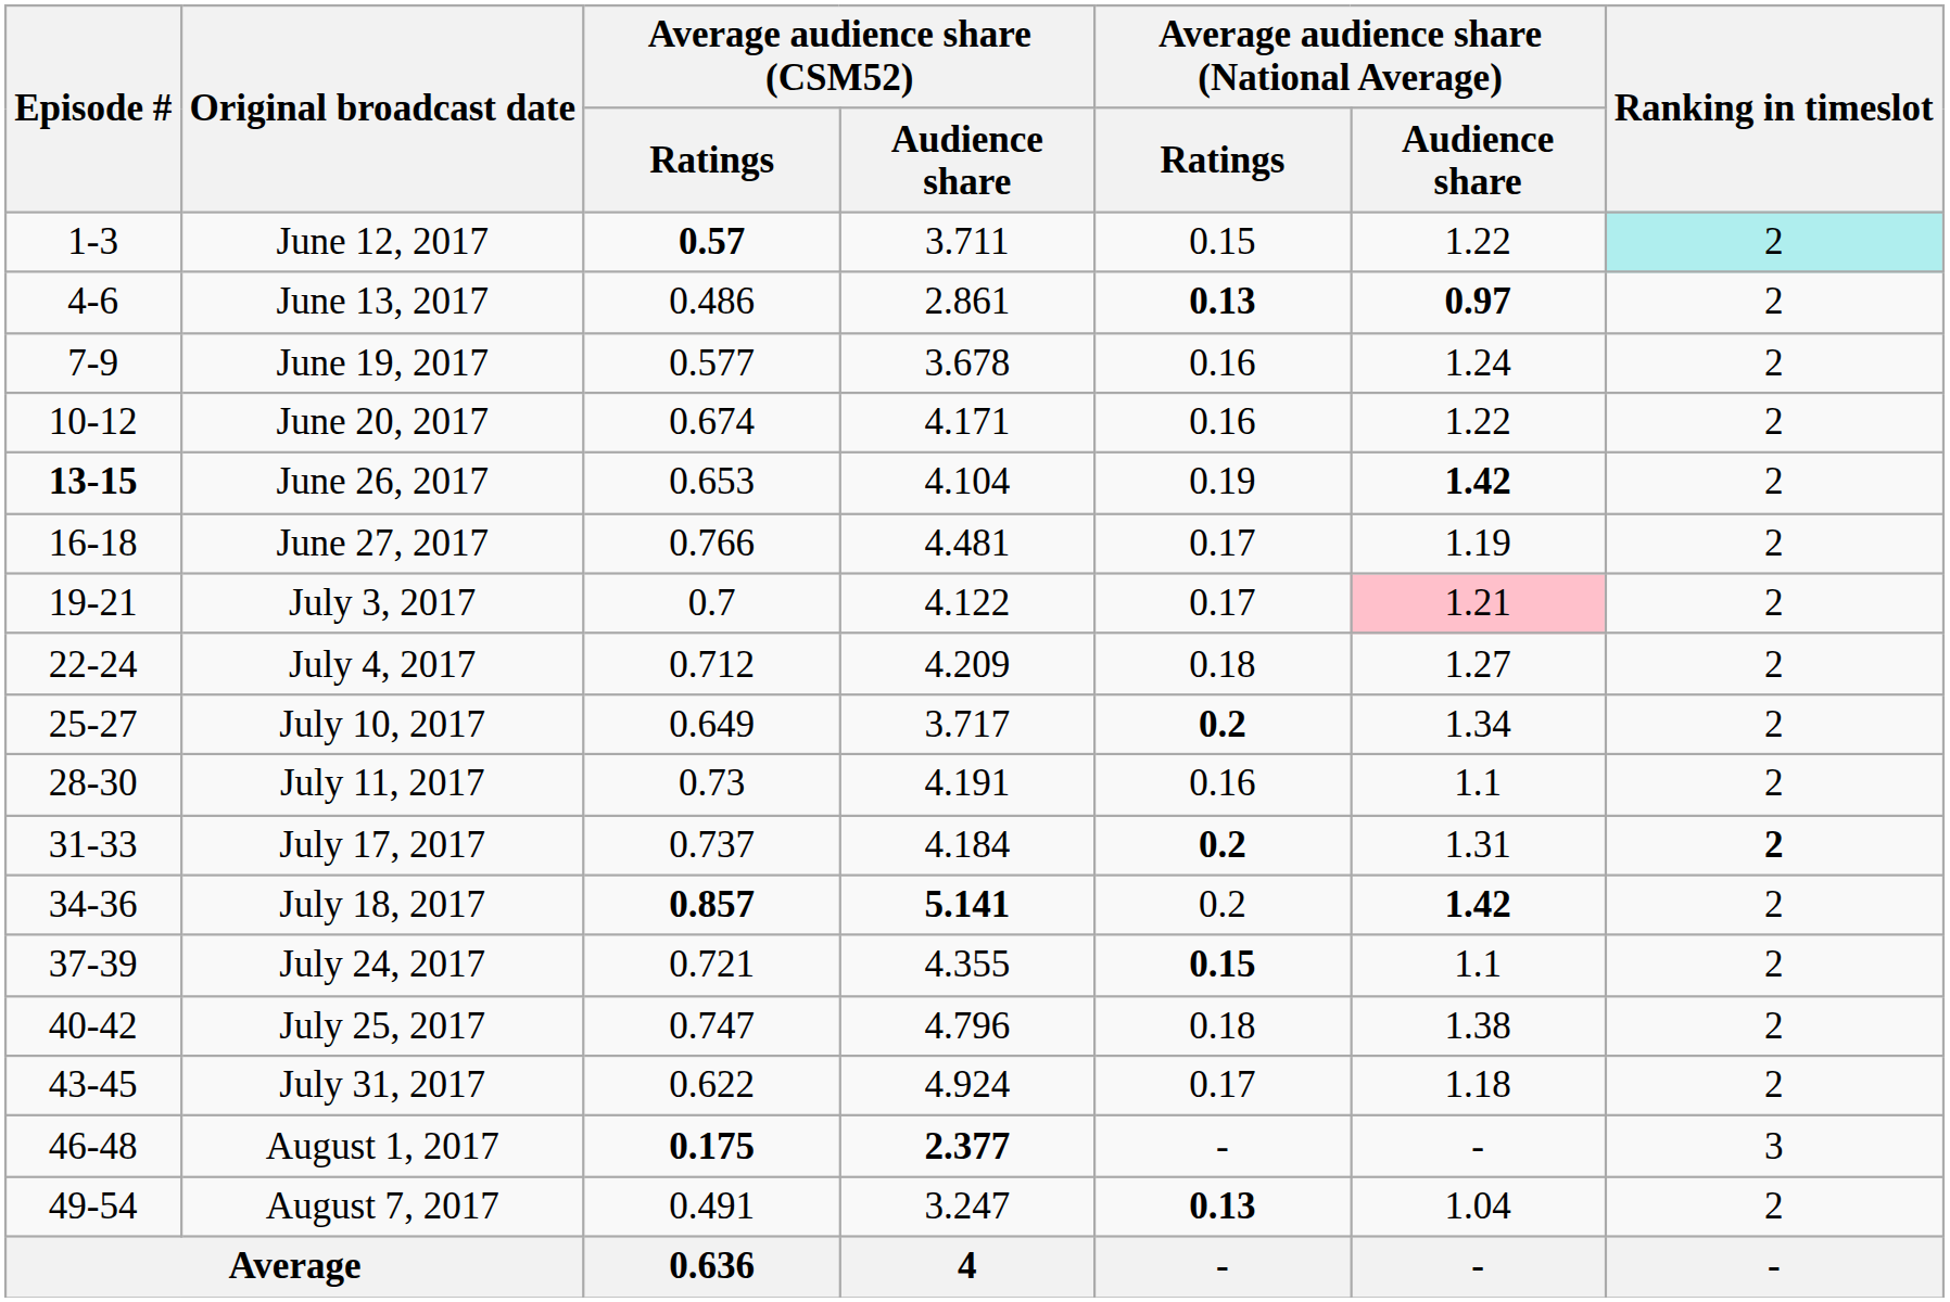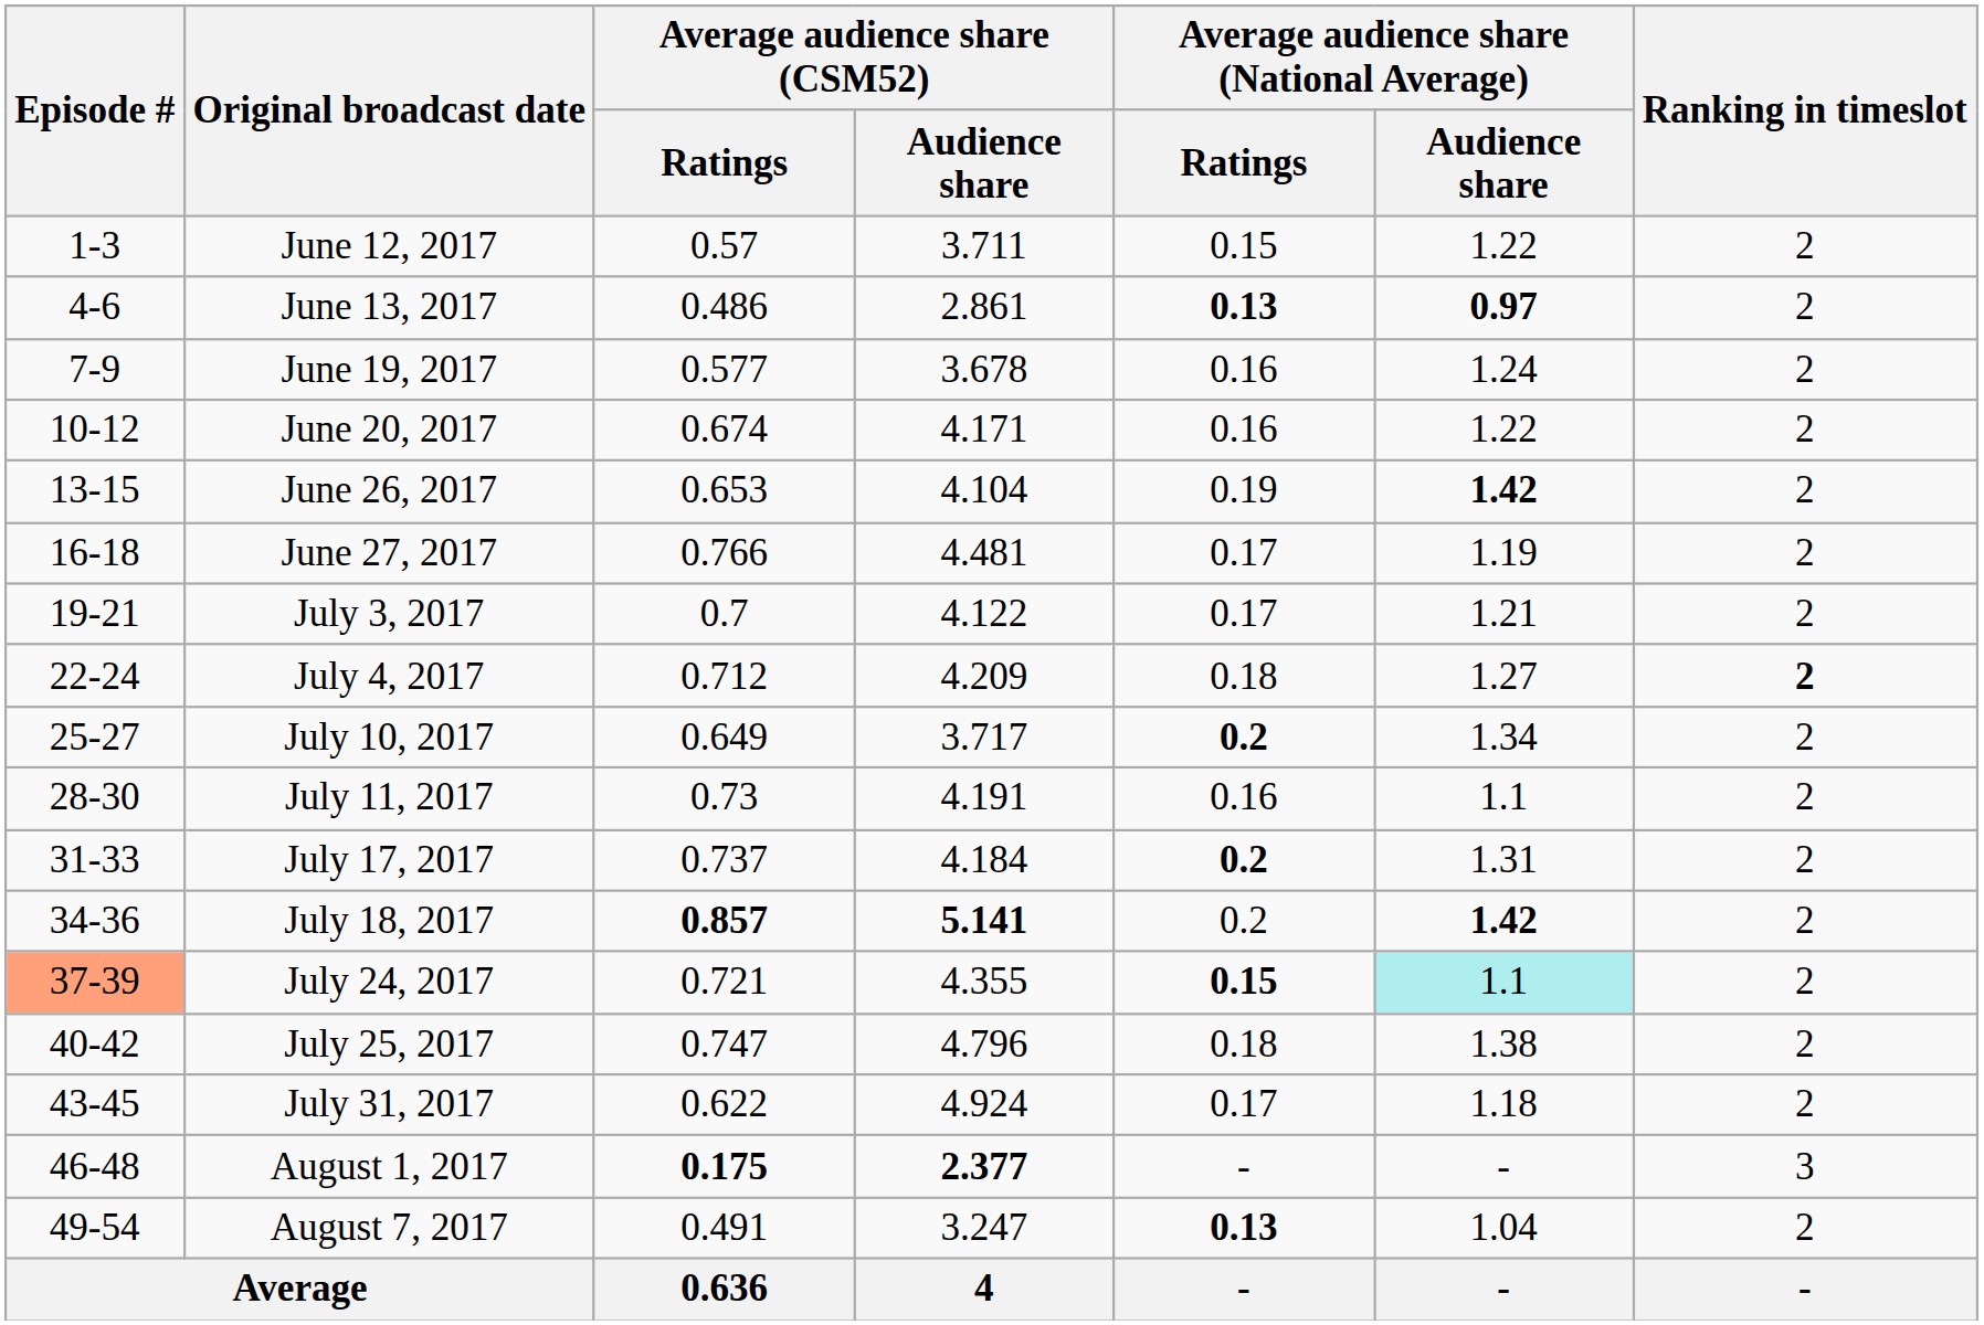 <table class="wikitable sortable mw-collapsible" style="text-align:center">
 <tr>
 <th rowspan="2">Episode #</th>
 <th rowspan="2">Original broadcast date</th>
 <th colspan="2">Average audience share (CSM52)</th>
 <th colspan="2">Average audience share (National Average)</th>
 <th rowspan="2">Ranking in timeslot</th>
 </tr>
 <tr>
 <th width="100">Ratings</th>
 <th width="100">Audience share</th>
 <th width="100">Ratings</th>
 <th width="100">Audience share</th>
 </tr>
 <tr>
 <td>1-3</td>
 <td>June 12, 2017</td>
-<td><strong>0.57</strong></td>
+<td>0.57</td>
 <td>3.711</td>
 <td>0.15</td>
 <td>1.22</td>
-<td style="background: paleturquoise;">2</td>
+<td>2</td>
 </tr>
 <tr>
 <td>4-6</td>
 <td>June 13, 2017</td>
 <td>0.486</td>
 <td>2.861</td>
 <td><strong><span>0.13</span></strong></td>
 <td><strong><span>0.97</span></strong></td>
 <td>2</td>
 </tr>
 <tr>
 <td>7-9</td>
 <td>June 19, 2017</td>
 <td>0.577</td>
 <td>3.678</td>
 <td>0.16</td>
 <td>1.24</td>
 <td>2</td>
 </tr>
 <tr>
 <td>10-12</td>
 <td>June 20, 2017</td>
 <td>0.674</td>
 <td>4.171</td>
 <td>0.16</td>
 <td>1.22</td>
 <td>2</td>
 </tr>
 <tr>
-<td><strong>13-15</strong></td>
+<td>13-15</td>
 <td>June 26, 2017</td>
 <td>0.653</td>
 <td>4.104</td>
 <td>0.19</td>
 <td><strong><span>1.42</span></strong></td>
 <td>2</td>
 </tr>
 <tr>
 <td>16-18</td>
 <td>June 27, 2017</td>
 <td>0.766</td>
 <td>4.481</td>
 <td>0.17</td>
 <td>1.19</td>
 <td>2</td>
 </tr>
 <tr>
 <td>19-21</td>
 <td>July 3, 2017</td>
 <td>0.7</td>
 <td>4.122</td>
 <td>0.17</td>
-<td style="background: pink;">1.21</td>
+<td>1.21</td>
 <td>2</td>
 </tr>
 <tr>
 <td>22-24</td>
 <td>July 4, 2017</td>
 <td>0.712</td>
 <td>4.209</td>
 <td>0.18</td>
 <td>1.27</td>
-<td>2</td>
+<td><strong>2</strong></td>
 </tr>
 <tr>
 <td>25-27</td>
 <td>July 10, 2017</td>
 <td>0.649</td>
 <td>3.717</td>
 <td><strong><span>0.2</span></strong></td>
 <td>1.34</td>
 <td>2</td>
 </tr>
 <tr>
 <td>28-30</td>
 <td>July 11, 2017</td>
 <td>0.73</td>
 <td>4.191</td>
 <td>0.16</td>
 <td>1.1</td>
 <td>2</td>
 </tr>
 <tr>
 <td>31-33</td>
 <td>July 17, 2017</td>
 <td>0.737</td>
 <td>4.184</td>
 <td><strong><span>0.2</span></strong></td>
 <td>1.31</td>
-<td><strong>2</strong></td>
+<td>2</td>
 </tr>
 <tr>
 <td>34-36</td>
 <td>July 18, 2017</td>
 <td><strong><span>0.857</span></strong></td>
 <td><strong><span>5.141</span></strong></td>
 <td>0.2</td>
 <td><strong><span>1.42</span></strong></td>
 <td>2</td>
 </tr>
 <tr>
-<td>37-39</td>
+<td style="background: lightsalmon;">37-39</td>
 <td>July 24, 2017</td>
 <td>0.721</td>
 <td>4.355</td>
 <td><strong><span>0.15</span></strong></td>
-<td>1.1</td>
+<td style="background: paleturquoise;">1.1</td>
 <td>2</td>
 </tr>
 <tr>
 <td>40-42</td>
 <td>July 25, 2017</td>
 <td>0.747</td>
 <td>4.796</td>
 <td>0.18</td>
 <td>1.38</td>
 <td>2</td>
 </tr>
 <tr>
 <td>43-45</td>
 <td>July 31, 2017</td>
 <td>0.622</td>
 <td>4.924</td>
 <td>0.17</td>
 <td>1.18</td>
 <td>2</td>
 </tr>
 <tr>
 <td>46-48</td>
 <td>August 1, 2017</td>
 <td><strong><span>0.175</span></strong></td>
 <td><strong><span>2.377</span></strong></td>
 <td>-</td>
 <td>-</td>
 <td>3</td>
 </tr>
 <tr>
 <td>49-54</td>
 <td>August 7, 2017</td>
 <td>0.491</td>
 <td>3.247</td>
 <td><strong><span>0.13</span></strong></td>
 <td>1.04</td>
 <td>2</td>
 </tr>
 <tr>
 <th colspan="2"><strong>Average</strong></th>
 <th>0.636</th>
 <th>4</th>
 <th>-</th>
 <th>-</th>
 <th>-</th>
 </tr>
 </table>
